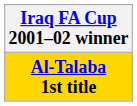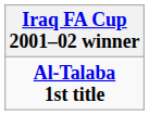 <table class="wikitable" style="text-align: center; margin: 0 auto;">
 <tr>
 <th><a href='#'>Iraq FA Cup</a><br>2001–02 winner</th>
 </tr>
 <tr>
-<td style="background: gold;"><strong><a href='#'>Al-Talaba</a></strong><br><strong>1st title</strong></td>
+<td><strong><a href='#'>Al-Talaba</a></strong><br><strong>1st title</strong></td>
 </tr>
 </table>
